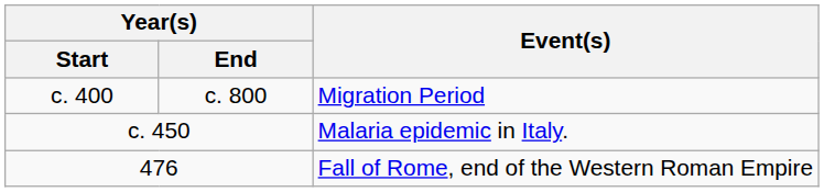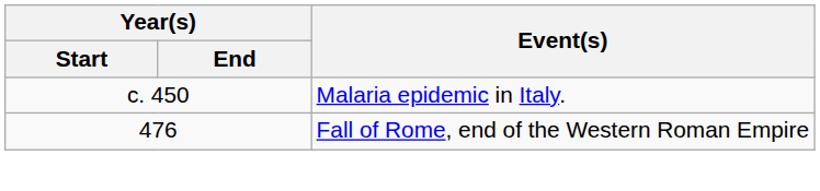 <table class="wikitable">
 <tr>
 <th colspan="2">Year(s)</th>
 <th rowspan="2">Event(s)</th>
 </tr>
 <tr>
 <th style="width:100px;">Start</th>
 <th style="width:100px;">End</th>
 </tr>
 <tr>
-<td style="text-align:center;">c. 400</td>
-<td style="text-align:center;">c. 800</td>
-<td><a href='#'>Migration Period</a></td>
-</tr>
-<tr>
 <td colspan="2" style="text-align:center;">c. 450</td>
 <td><a href='#'>Malaria epidemic</a> in <a href='#'>Italy</a>.</td>
 </tr>
 <tr>
 <td colspan="2" style="text-align:center;">476</td>
 <td><a href='#'>Fall of Rome</a>, end of the Western Roman Empire</td>
 </tr>
 </table>
